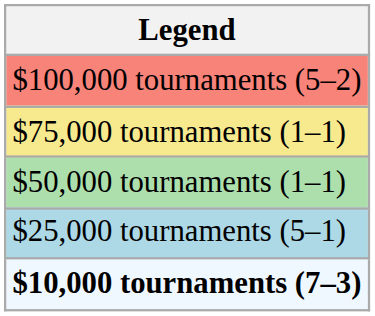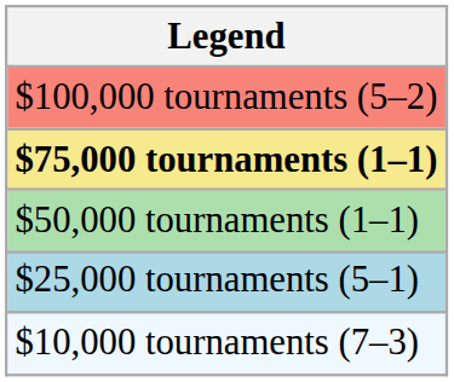 <table class=wikitable style=font-size:85%>
 <tr>
 <th>Legend</th>
 </tr>
 <tr style=background:#f88379>
 <td>$100,000 tournaments (5–2)</td>
 </tr>
 <tr style=background:#f7e98e>
-<td>$75,000 tournaments (1–1)</td>
+<td><strong>$75,000 tournaments (1–1)</strong></td>
 </tr>
 <tr style=background:#addfad>
 <td>$50,000 tournaments (1–1)</td>
 </tr>
 <tr style=background:lightblue>
 <td>$25,000 tournaments (5–1)</td>
 </tr>
 <tr style=background:#f0f8ff>
-<td><strong>$10,000 tournaments (7–3)</strong></td>
+<td>$10,000 tournaments (7–3)</td>
 </tr>
 </table>
